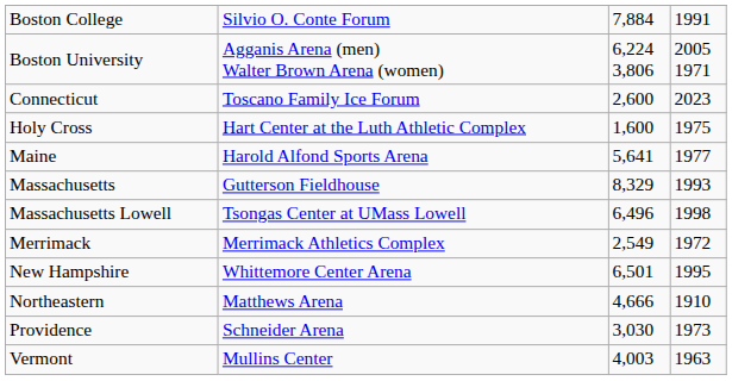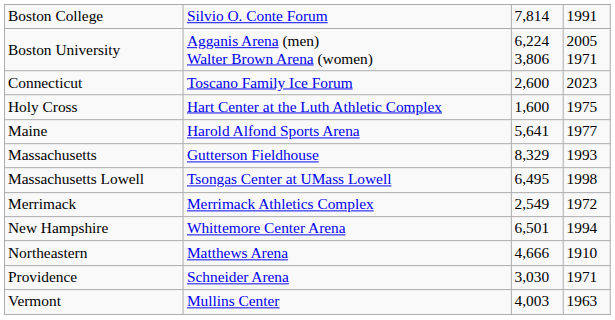 <table class="sortable wikitable" width=50%>
 <tr>
 </tr>
 <tr>
 <td>Boston College</td>
 <td><a href='#'>Silvio O. Conte Forum</a></td>
-<td>7,884</td>
+<td>7,814</td>
 <td>1991</td>
 </tr>
 <tr>
 <td>Boston University</td>
 <td><a href='#'>Agganis Arena</a> (men)<br><a href='#'>Walter Brown Arena</a> (women)</td>
 <td>6,224<br>3,806</td>
 <td>2005<br>1971</td>
 </tr>
 <tr>
 <td>Connecticut</td>
 <td><a href='#'>Toscano Family Ice Forum</a></td>
 <td>2,600</td>
 <td>2023</td>
 </tr>
 <tr>
 <td>Holy Cross</td>
 <td><a href='#'>Hart Center at the Luth Athletic Complex</a></td>
 <td>1,600</td>
 <td>1975</td>
 </tr>
 <tr>
 <td>Maine</td>
 <td><a href='#'>Harold Alfond Sports Arena</a></td>
 <td>5,641</td>
 <td>1977</td>
 </tr>
 <tr>
 <td>Massachusetts</td>
 <td><a href='#'>Gutterson Fieldhouse</a></td>
 <td>8,329</td>
 <td>1993</td>
 </tr>
 <tr>
 <td>Massachusetts Lowell</td>
 <td><a href='#'>Tsongas Center at UMass Lowell</a></td>
-<td>6,496</td>
+<td>6,495</td>
 <td>1998</td>
 </tr>
 <tr>
 <td>Merrimack</td>
 <td><a href='#'>Merrimack Athletics Complex</a></td>
 <td>2,549</td>
 <td>1972</td>
 </tr>
 <tr>
 <td>New Hampshire</td>
 <td><a href='#'>Whittemore Center Arena</a></td>
 <td>6,501</td>
-<td>1995</td>
+<td>1994</td>
 </tr>
 <tr>
 <td>Northeastern</td>
 <td><a href='#'>Matthews Arena</a></td>
 <td>4,666</td>
 <td>1910</td>
 </tr>
 <tr>
 <td>Providence</td>
 <td><a href='#'>Schneider Arena</a></td>
 <td>3,030</td>
-<td>1973</td>
+<td>1971</td>
 </tr>
 <tr>
 <td>Vermont</td>
 <td><a href='#'>Mullins Center</a></td>
 <td>4,003</td>
 <td>1963</td>
 </tr>
 </table>
